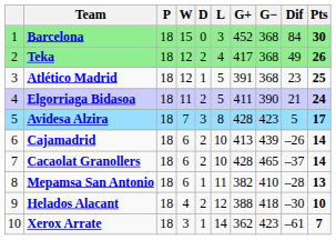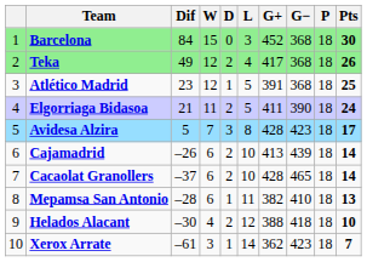 <table class="wikitable sortable" style="text-align: center;">
 <tr>
 <th align="center"></th>
 <th align="center">Team</th>
-<th align="center">P</th>
+<th align="center">Dif</th>
 <th align="center">W</th>
 <th align="center">D</th>
 <th align="center">L</th>
 <th align="center">G+</th>
 <th align="center">G−</th>
-<th align="center">Dif</th>
+<th align="center">P</th>
 <th align="center">Pts</th>
 </tr>
 <tr style="background: #90EE90;">
 <td>1</td>
 <td align="left"><strong><a href='#'>Barcelona</a></strong></td>
-<td>18</td>
+<td>84</td>
 <td>15</td>
 <td>0</td>
 <td>3</td>
 <td>452</td>
 <td>368</td>
-<td>84</td>
+<td>18</td>
 <td><strong>30</strong></td>
 </tr>
 <tr style="background: #90EE90;">
 <td>2</td>
 <td align="left"><strong><a href='#'>Teka</a></strong></td>
-<td>18</td>
+<td>49</td>
 <td>12</td>
 <td>2</td>
 <td>4</td>
 <td>417</td>
 <td>368</td>
-<td>49</td>
+<td>18</td>
 <td><strong>26</strong></td>
 </tr>
 <tr style="background:">
 <td>3</td>
 <td align="left"><strong><a href='#'>Atlético Madrid</a></strong></td>
-<td>18</td>
+<td>23</td>
 <td>12</td>
 <td>1</td>
 <td>5</td>
 <td>391</td>
 <td>368</td>
-<td>23</td>
+<td>18</td>
 <td><strong>25</strong></td>
 </tr>
 <tr style="background: #ccccff;">
 <td>4</td>
 <td align="left"><strong><a href='#'>Elgorriaga Bidasoa</a></strong></td>
-<td>18</td>
+<td>21</td>
 <td>11</td>
 <td>2</td>
 <td>5</td>
 <td>411</td>
 <td>390</td>
-<td>21</td>
+<td>18</td>
 <td><strong>24</strong></td>
 </tr>
 <tr style="background: #97DEFF;">
 <td>5</td>
 <td align="left"><strong><a href='#'>Avidesa Alzira</a></strong></td>
-<td>18</td>
+<td>5</td>
 <td>7</td>
 <td>3</td>
 <td>8</td>
 <td>428</td>
 <td>423</td>
-<td>5</td>
+<td>18</td>
 <td><strong>17</strong></td>
 </tr>
 <tr style="background:">
 <td>6</td>
 <td align="left"><strong><a href='#'>Cajamadrid</a></strong></td>
-<td>18</td>
+<td>–26</td>
 <td>6</td>
 <td>2</td>
 <td>10</td>
 <td>413</td>
 <td>439</td>
-<td>–26</td>
+<td>18</td>
 <td><strong>14</strong></td>
 </tr>
 <tr style="background:">
 <td>7</td>
 <td align="left"><strong><a href='#'>Cacaolat Granollers</a></strong></td>
-<td>18</td>
+<td>–37</td>
 <td>6</td>
 <td>2</td>
 <td>10</td>
 <td>428</td>
 <td>465</td>
-<td>–37</td>
+<td>18</td>
 <td><strong>14</strong></td>
 </tr>
 <tr style="background:">
 <td>8</td>
 <td align="left"><strong><a href='#'>Mepamsa San Antonio</a></strong></td>
-<td>18</td>
+<td>–28</td>
 <td>6</td>
 <td>1</td>
 <td>11</td>
 <td>382</td>
 <td>410</td>
-<td>–28</td>
+<td>18</td>
 <td><strong>13</strong></td>
 </tr>
 <tr style="background:">
 <td>9</td>
 <td align="left"><strong><a href='#'>Helados Alacant</a></strong></td>
-<td>18</td>
+<td>–30</td>
 <td>4</td>
 <td>2</td>
 <td>12</td>
 <td>388</td>
 <td>418</td>
-<td>–30</td>
+<td>18</td>
 <td><strong>10</strong></td>
 </tr>
 <tr style="background:">
 <td>10</td>
 <td align="left"><strong><a href='#'>Xerox Arrate</a></strong></td>
-<td>18</td>
+<td>–61</td>
 <td>3</td>
 <td>1</td>
 <td>14</td>
 <td>362</td>
 <td>423</td>
-<td>–61</td>
+<td>18</td>
 <td><strong>7</strong></td>
 </tr>
 </table>
